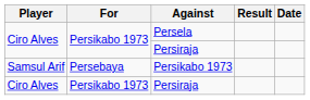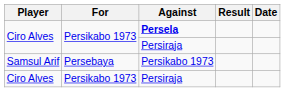 <table class="wikitable">
 <tr>
 <th>Player</th>
 <th>For</th>
 <th>Against</th>
 <th style="text-align:center">Result</th>
 <th>Date</th>
 </tr>
 <tr>
 <td rowspan="2"> <a href='#'>Ciro Alves</a></td>
 <td rowspan="2"><a href='#'>Persikabo 1973</a></td>
-<td><a href='#'>Persela</a></td>
+<td><strong><a href='#'>Persela</a></strong></td>
 <td align="center"></td>
 <td></td>
 </tr>
 <tr>
 <td><a href='#'>Persiraja</a></td>
 <td align="center"></td>
 <td></td>
 </tr>
 <tr>
 <td> <a href='#'>Samsul Arif</a></td>
 <td><a href='#'>Persebaya</a></td>
 <td><a href='#'>Persikabo 1973</a></td>
 <td align="center"></td>
 <td></td>
 </tr>
 <tr>
 <td> <a href='#'>Ciro Alves</a></td>
 <td><a href='#'>Persikabo 1973</a></td>
 <td><a href='#'>Persiraja</a></td>
 <td align="center"></td>
 <td></td>
 </tr>
 </table>
